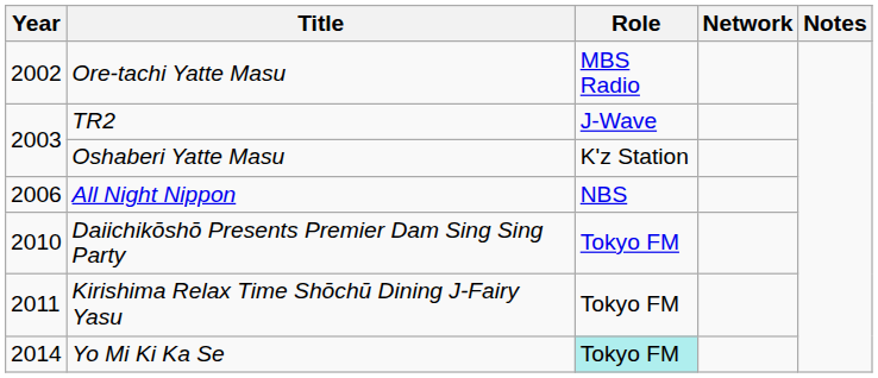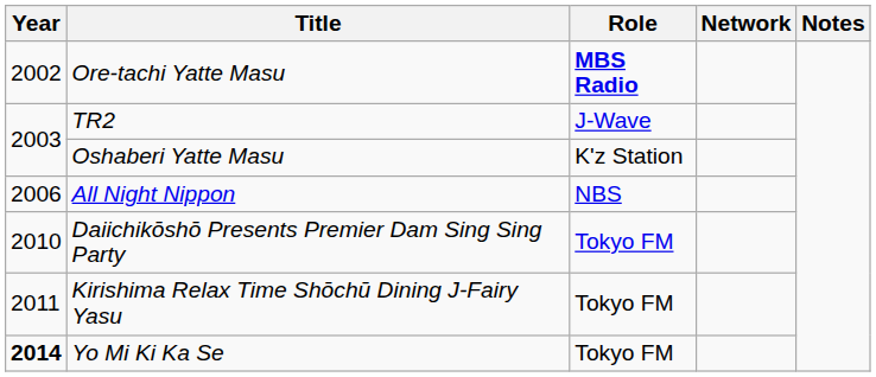 <table class="wikitable">
 <tr>
 <th>Year</th>
 <th>Title</th>
 <th>Role</th>
 <th>Network</th>
 <th>Notes</th>
 </tr>
 <tr>
 <td>2002</td>
 <td><em>Ore-tachi Yatte Masu</em></td>
-<td><a href='#'>MBS Radio</a></td>
+<td><strong><a href='#'>MBS Radio</a></strong></td>
 <td></td>
 </tr>
 <tr>
 <td rowspan="2">2003</td>
 <td><em>TR2</em></td>
 <td><a href='#'>J-Wave</a></td>
 <td></td>
 </tr>
 <tr>
 <td><em>Oshaberi Yatte Masu</em></td>
 <td>K'z Station</td>
 <td></td>
 </tr>
 <tr>
 <td>2006</td>
 <td><em><a href='#'>All Night Nippon</a></em></td>
 <td><a href='#'>NBS</a></td>
 <td></td>
 </tr>
 <tr>
 <td>2010</td>
 <td><em>Daiichikōshō Presents Premier Dam Sing Sing Party</em></td>
 <td><a href='#'>Tokyo FM</a></td>
 <td></td>
 </tr>
 <tr>
 <td>2011</td>
 <td><em>Kirishima Relax Time Shōchū Dining J-Fairy Yasu</em></td>
 <td>Tokyo FM</td>
 <td></td>
 </tr>
 <tr>
-<td>2014</td>
+<td><strong>2014</strong></td>
 <td><em>Yo Mi Ki Ka Se</em></td>
-<td style="background: paleturquoise;">Tokyo FM</td>
+<td>Tokyo FM</td>
 <td></td>
 </tr>
 </table>
